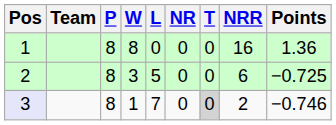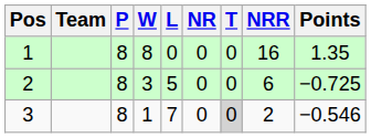 <table class="wikitable">
 <tr>
 <th>Pos</th>
 <th>Team</th>
 <th><a href='#'>P</a></th>
 <th><a href='#'>W</a></th>
 <th><a href='#'>L</a></th>
 <th><a href='#'>NR</a></th>
 <th><a href='#'>T</a></th>
 <th><a href='#'>NRR</a></th>
 <th>Points</th>
 </tr>
 <tr align="center" bgcolor="#ccffcc">
 <td>1</td>
 <td align="left"></td>
 <td>8</td>
 <td>8</td>
 <td>0</td>
 <td>0</td>
 <td>0</td>
 <td>16</td>
-<td>1.36</td>
+<td>1.35</td>
 </tr>
 <tr align="center" bgcolor="#ccffcc">
 <td>2</td>
 <td align="left"></td>
 <td>8</td>
 <td>3</td>
 <td>5</td>
 <td>0</td>
 <td>0</td>
 <td>6</td>
 <td>−0.725</td>
 </tr>
 <tr align="center">
-<td style="background: lavender;">3</td>
+<td>3</td>
 <td align="left"></td>
 <td>8</td>
 <td>1</td>
 <td>7</td>
 <td>0</td>
 <td style="background: lightgrey;">0</td>
 <td>2</td>
-<td>−0.746</td>
+<td>−0.546</td>
 </tr>
 </table>
